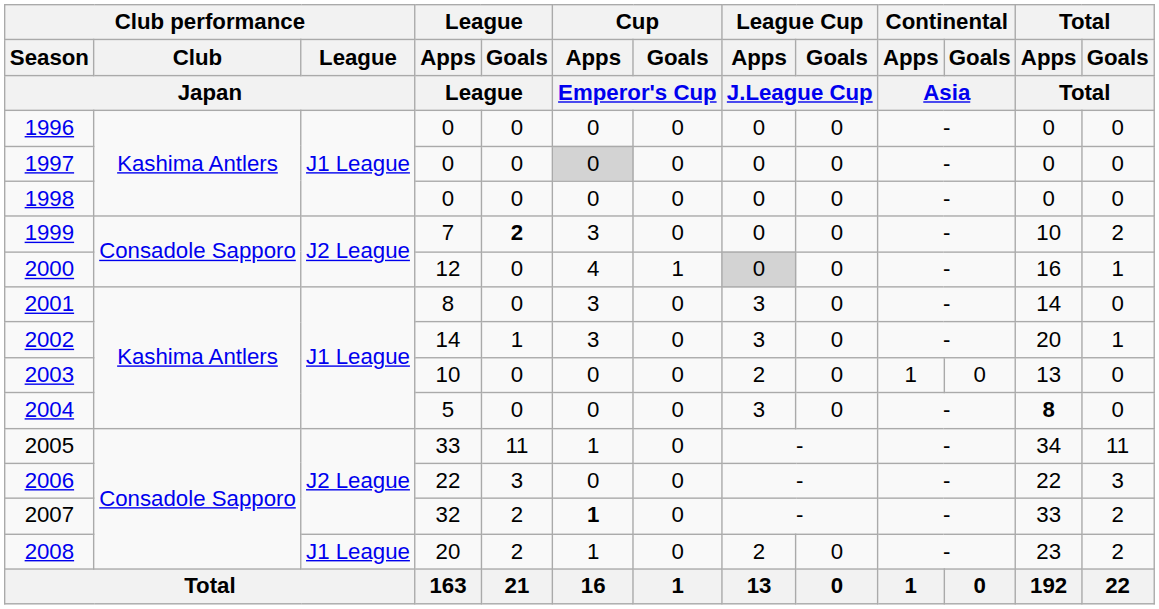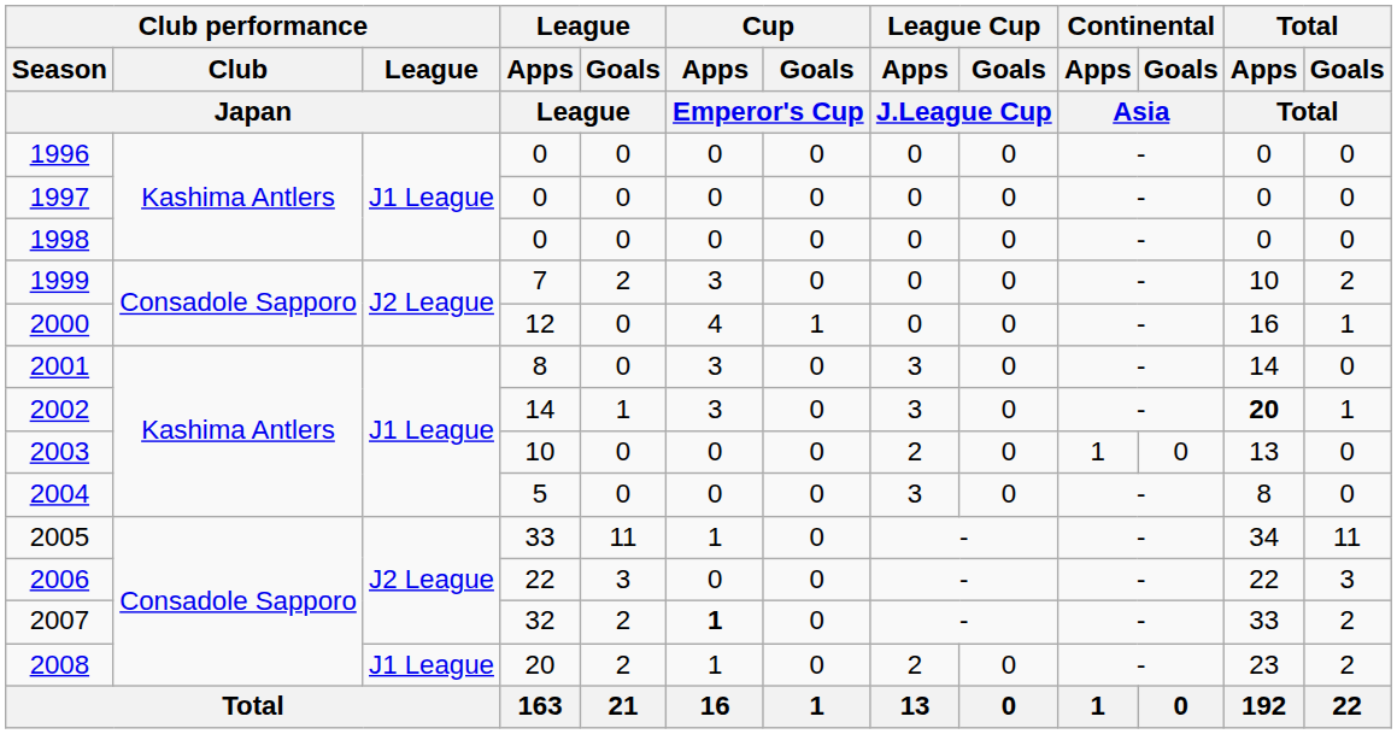 <table class="wikitable" style="text-align:center;">
 <tr>
 <th colspan=3>Club performance</th>
 <th colspan=2>League</th>
 <th colspan=2>Cup</th>
 <th colspan=2>League Cup</th>
 <th colspan=2>Continental</th>
 <th colspan=2>Total</th>
 </tr>
 <tr>
 <th>Season</th>
 <th>Club</th>
 <th>League</th>
 <th>Apps</th>
 <th>Goals</th>
 <th>Apps</th>
 <th>Goals</th>
 <th>Apps</th>
 <th>Goals</th>
 <th>Apps</th>
 <th>Goals</th>
 <th>Apps</th>
 <th>Goals</th>
 </tr>
 <tr>
 <th colspan=3>Japan</th>
 <th colspan=2>League</th>
 <th colspan=2><a href='#'>Emperor's Cup</a></th>
 <th colspan=2><a href='#'>J.League Cup</a></th>
 <th colspan=2><a href='#'>Asia</a></th>
 <th colspan=2>Total</th>
 </tr>
 <tr>
 <td><a href='#'>1996</a></td>
 <td rowspan="3"><a href='#'>Kashima Antlers</a></td>
 <td rowspan="3"><a href='#'>J1 League</a></td>
 <td>0</td>
 <td>0</td>
 <td>0</td>
 <td>0</td>
 <td>0</td>
 <td>0</td>
 <td colspan="2">-</td>
 <td>0</td>
 <td>0</td>
 </tr>
 <tr>
 <td><a href='#'>1997</a></td>
 <td>0</td>
 <td>0</td>
-<td style="background: lightgrey;">0</td>
+<td>0</td>
 <td>0</td>
 <td>0</td>
 <td>0</td>
 <td colspan="2">-</td>
 <td>0</td>
 <td>0</td>
 </tr>
 <tr>
 <td><a href='#'>1998</a></td>
 <td>0</td>
 <td>0</td>
 <td>0</td>
 <td>0</td>
 <td>0</td>
 <td>0</td>
 <td colspan="2">-</td>
 <td>0</td>
 <td>0</td>
 </tr>
 <tr>
 <td><a href='#'>1999</a></td>
 <td rowspan="2"><a href='#'>Consadole Sapporo</a></td>
 <td rowspan="2"><a href='#'>J2 League</a></td>
 <td>7</td>
-<td><strong>2</strong></td>
+<td>2</td>
 <td>3</td>
 <td>0</td>
 <td>0</td>
 <td>0</td>
 <td colspan="2">-</td>
 <td>10</td>
 <td>2</td>
 </tr>
 <tr>
 <td><a href='#'>2000</a></td>
 <td>12</td>
 <td>0</td>
 <td>4</td>
 <td>1</td>
-<td style="background: lightgrey;">0</td>
+<td>0</td>
 <td>0</td>
 <td colspan="2">-</td>
 <td>16</td>
 <td>1</td>
 </tr>
 <tr>
 <td><a href='#'>2001</a></td>
 <td rowspan="4"><a href='#'>Kashima Antlers</a></td>
 <td rowspan="4"><a href='#'>J1 League</a></td>
 <td>8</td>
 <td>0</td>
 <td>3</td>
 <td>0</td>
 <td>3</td>
 <td>0</td>
 <td colspan="2">-</td>
 <td>14</td>
 <td>0</td>
 </tr>
 <tr>
 <td><a href='#'>2002</a></td>
 <td>14</td>
 <td>1</td>
 <td>3</td>
 <td>0</td>
 <td>3</td>
 <td>0</td>
 <td colspan="2">-</td>
-<td>20</td>
+<td><strong>20</strong></td>
 <td>1</td>
 </tr>
 <tr>
 <td><a href='#'>2003</a></td>
 <td>10</td>
 <td>0</td>
 <td>0</td>
 <td>0</td>
 <td>2</td>
 <td>0</td>
 <td>1</td>
 <td>0</td>
 <td>13</td>
 <td>0</td>
 </tr>
 <tr>
 <td><a href='#'>2004</a></td>
 <td>5</td>
 <td>0</td>
 <td>0</td>
 <td>0</td>
 <td>3</td>
 <td>0</td>
 <td colspan="2">-</td>
-<td><strong>8</strong></td>
+<td>8</td>
 <td>0</td>
 </tr>
 <tr>
 <td>2005</td>
 <td rowspan="4"><a href='#'>Consadole Sapporo</a></td>
 <td rowspan="3"><a href='#'>J2 League</a></td>
 <td>33</td>
 <td>11</td>
 <td>1</td>
 <td>0</td>
 <td colspan="2">-</td>
 <td colspan="2">-</td>
 <td>34</td>
 <td>11</td>
 </tr>
 <tr>
 <td><a href='#'>2006</a></td>
 <td>22</td>
 <td>3</td>
 <td>0</td>
 <td>0</td>
 <td colspan="2">-</td>
 <td colspan="2">-</td>
 <td>22</td>
 <td>3</td>
 </tr>
 <tr>
 <td>2007</td>
 <td>32</td>
 <td>2</td>
 <td><strong>1</strong></td>
 <td>0</td>
 <td colspan="2">-</td>
 <td colspan="2">-</td>
 <td>33</td>
 <td>2</td>
 </tr>
 <tr>
 <td><a href='#'>2008</a></td>
 <td><a href='#'>J1 League</a></td>
 <td>20</td>
 <td>2</td>
 <td>1</td>
 <td>0</td>
 <td>2</td>
 <td>0</td>
 <td colspan="2">-</td>
 <td>23</td>
 <td>2</td>
 </tr>
 <tr>
 <th colspan=3>Total</th>
 <th>163</th>
 <th>21</th>
 <th>16</th>
 <th>1</th>
 <th>13</th>
 <th>0</th>
 <th>1</th>
 <th>0</th>
 <th>192</th>
 <th>22</th>
 </tr>
 </table>
